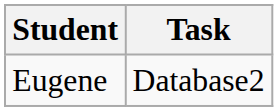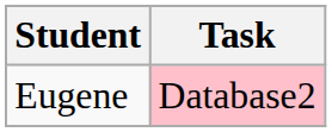 <table class="wikitable">
 <tr>
 <th>Student</th>
 <th>Task</th>
 </tr>
 <tr>
 <td>Eugene</td>
-<td>Database2</td>
+<td style="background: pink;">Database2</td>
 </tr>
 </table>
